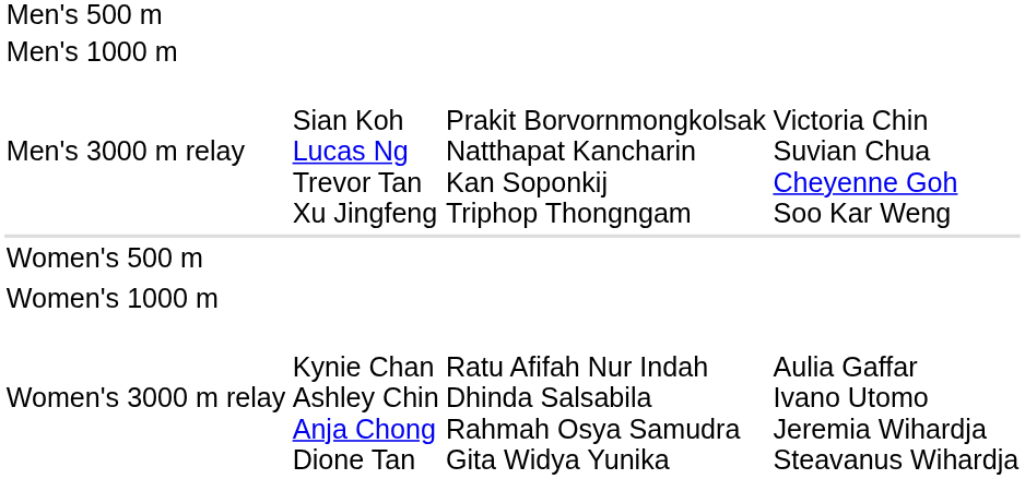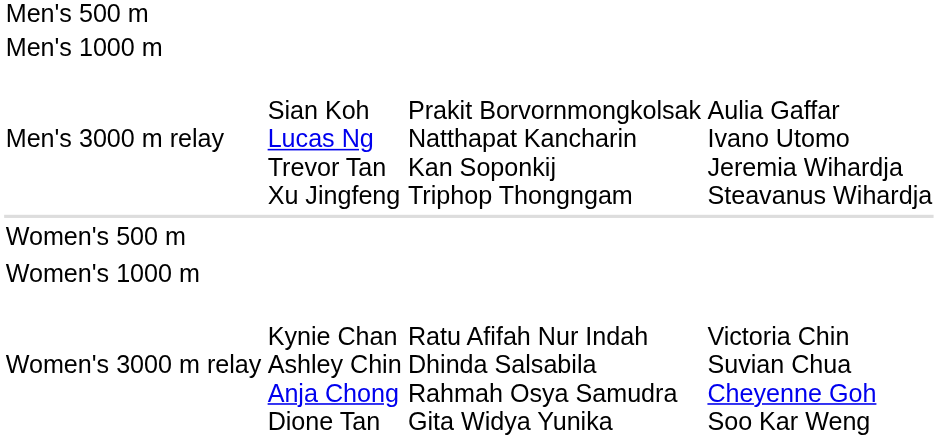 <table>
 <tr>
 <td>Men's 500 m</td>
 <td></td>
 <td></td>
 <td></td>
 </tr>
 <tr>
 <td>Men's 1000 m</td>
 <td></td>
 <td></td>
 <td></td>
 </tr>
 <tr>
 <td>Men's 3000 m relay</td>
 <td><br>Sian Koh<br><a href='#'>Lucas Ng</a><br>Trevor Tan<br>Xu Jingfeng</td>
 <td nowrap=true><br>Prakit Borvornmongkolsak<br>Natthapat Kancharin<br>Kan Soponkij<br>Triphop Thongngam</td>
-<td><br>Victoria Chin<br>Suvian Chua<br><a href='#'>Cheyenne Goh</a><br>Soo Kar Weng</td>
+<td nowrap=true><br>Aulia Gaffar<br>Ivano Utomo<br>Jeremia Wihardja<br>Steavanus Wihardja</td>
 </tr>
 <tr bgcolor=#dddddd>
 <td colspan=7></td>
 </tr>
 <tr>
 <td>Women's 500 m</td>
 <td></td>
 <td></td>
 <td></td>
 </tr>
 <tr style="background:#dddddd;">
 </tr>
 <tr>
 <td>Women's 1000 m</td>
 <td></td>
 <td></td>
 <td></td>
 </tr>
 <tr>
 <td>Women's 3000 m relay</td>
 <td><br>Kynie Chan<br>Ashley Chin<br><a href='#'>Anja Chong</a><br>Dione Tan</td>
 <td><br>Ratu Afifah Nur Indah<br>Dhinda Salsabila<br>Rahmah Osya Samudra<br>Gita Widya Yunika</td>
-<td nowrap=true><br>Aulia Gaffar<br>Ivano Utomo<br>Jeremia Wihardja<br>Steavanus Wihardja</td>
+<td><br>Victoria Chin<br>Suvian Chua<br><a href='#'>Cheyenne Goh</a><br>Soo Kar Weng</td>
 </tr>
 </table>
